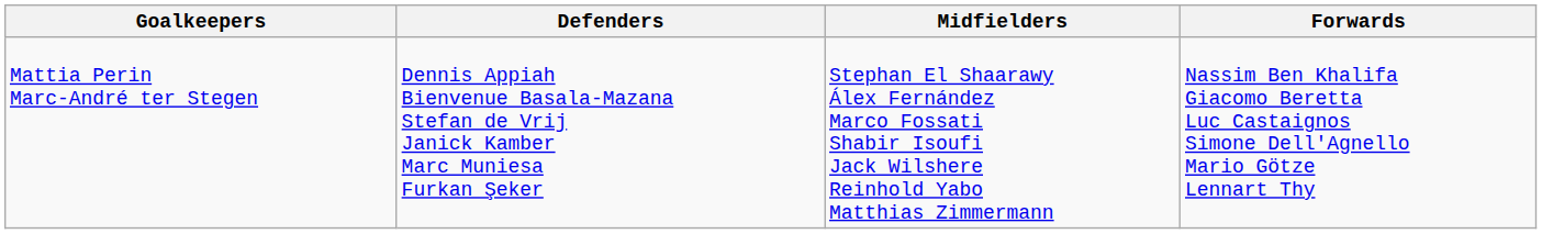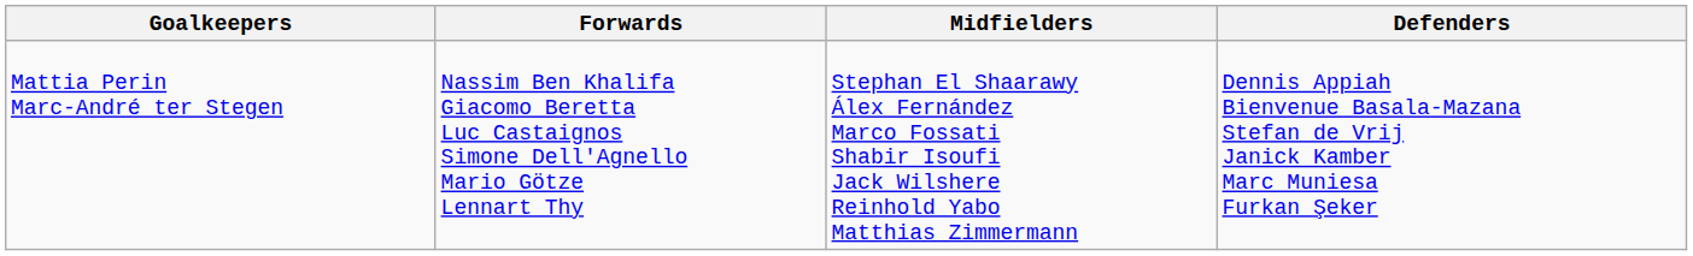 <table class="wikitable" width="80%">
 <tr bgcolor="#EFEFEF">
 <th>Goalkeepers</th>
+<th>Forwards</th>
+<th>Midfielders</th>
 <th>Defenders</th>
-<th>Midfielders</th>
-<th>Forwards</th>
 </tr>
 <tr>
 <td valign="top"><br> <a href='#'>Mattia Perin</a><br>  <a href='#'>Marc-André ter Stegen</a></td>
+<td valign="top"><br> <a href='#'>Nassim Ben Khalifa</a><br>  <a href='#'>Giacomo Beretta</a><br>  <a href='#'>Luc Castaignos</a><br>  <a href='#'>Simone Dell'Agnello</a><br>  <a href='#'>Mario Götze</a><br>  <a href='#'>Lennart Thy</a></td>
+<td valign="top"><br> <a href='#'>Stephan El Shaarawy</a><br>  <a href='#'>Álex Fernández</a><br>  <a href='#'>Marco Fossati</a><br>  <a href='#'>Shabir Isoufi</a><br>  <a href='#'>Jack Wilshere</a><br>  <a href='#'>Reinhold Yabo</a><br>  <a href='#'>Matthias Zimmermann</a></td>
 <td valign="top"><br> <a href='#'>Dennis Appiah</a><br>  <a href='#'>Bienvenue Basala-Mazana</a><br>  <a href='#'>Stefan de Vrij</a><br>  <a href='#'>Janick Kamber</a><br>  <a href='#'>Marc Muniesa</a><br>  <a href='#'>Furkan Şeker</a></td>
-<td valign="top"><br> <a href='#'>Stephan El Shaarawy</a><br>  <a href='#'>Álex Fernández</a><br>  <a href='#'>Marco Fossati</a><br>  <a href='#'>Shabir Isoufi</a><br>  <a href='#'>Jack Wilshere</a><br>  <a href='#'>Reinhold Yabo</a><br>  <a href='#'>Matthias Zimmermann</a></td>
-<td valign="top"><br> <a href='#'>Nassim Ben Khalifa</a><br>  <a href='#'>Giacomo Beretta</a><br>  <a href='#'>Luc Castaignos</a><br>  <a href='#'>Simone Dell'Agnello</a><br>  <a href='#'>Mario Götze</a><br>  <a href='#'>Lennart Thy</a></td>
 </tr>
 </table>
